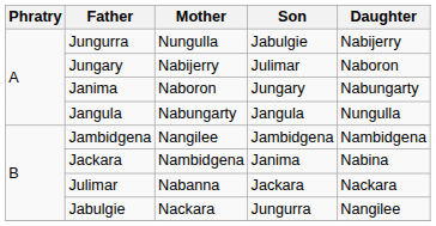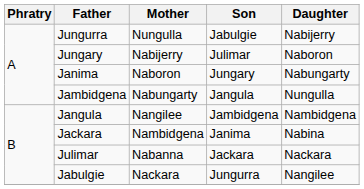 <table class="wikitable">
 <tr>
 <th>Phratry</th>
 <th>Father</th>
 <th>Mother</th>
 <th>Son</th>
 <th>Daughter</th>
 </tr>
 <tr>
 <td rowspan=4>A</td>
 <td>Jungurra</td>
 <td>Nungulla</td>
 <td>Jabulgie</td>
 <td>Nabijerry</td>
 </tr>
 <tr>
 <td>Jungary</td>
 <td>Nabijerry</td>
 <td>Julimar</td>
 <td>Naboron</td>
 </tr>
 <tr>
 <td>Janima</td>
 <td>Naboron</td>
 <td>Jungary</td>
 <td>Nabungarty</td>
 </tr>
 <tr>
-<td>Jangula</td>
+<td>Jambidgena</td>
 <td>Nabungarty</td>
 <td>Jangula</td>
 <td>Nungulla</td>
 </tr>
 <tr>
 <td rowspan=4>B</td>
-<td>Jambidgena</td>
+<td>Jangula</td>
 <td>Nangilee</td>
 <td>Jambidgena</td>
 <td>Nambidgena</td>
 </tr>
 <tr>
 <td>Jackara</td>
 <td>Nambidgena</td>
 <td>Janima</td>
 <td>Nabina</td>
 </tr>
 <tr>
 <td>Julimar</td>
 <td>Nabanna</td>
 <td>Jackara</td>
 <td>Nackara</td>
 </tr>
 <tr>
 <td>Jabulgie</td>
 <td>Nackara</td>
 <td>Jungurra</td>
 <td>Nangilee</td>
 </tr>
 <tr>
 </tr>
 </table>
